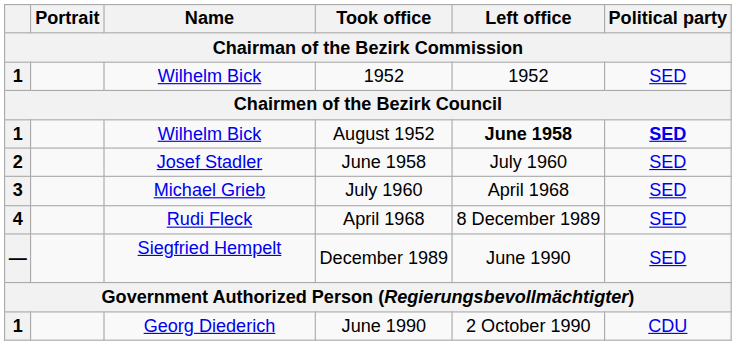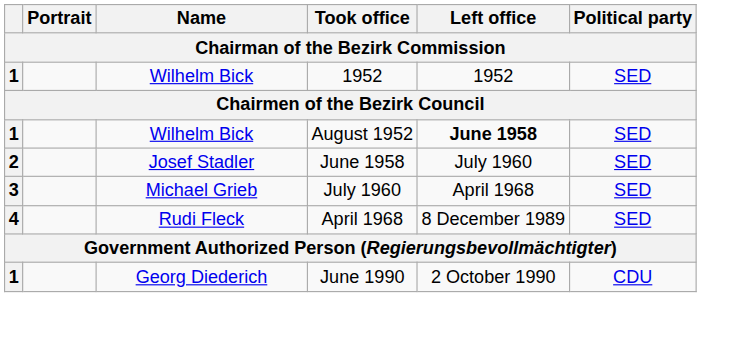 <table class="wikitable" style="text-align:center">
 <tr>
 <th></th>
 <th>Portrait</th>
 <th width=180>Name<br></th>
 <th>Took office</th>
 <th>Left office</th>
 <th>Political party</th>
 </tr>
 <tr>
 <th colspan=6>Chairman of the Bezirk Commission</th>
 </tr>
 <tr>
 <th style="background:">1</th>
 <td></td>
 <td><a href='#'>Wilhelm Bick</a><br></td>
 <td>1952</td>
 <td>1952</td>
 <td><a href='#'>SED</a></td>
 </tr>
 <tr>
 <th colspan=6>Chairmen of the Bezirk Council</th>
 </tr>
 <tr>
 <th style="background:">1</th>
 <td></td>
 <td><a href='#'>Wilhelm Bick</a><br></td>
 <td>August 1952</td>
 <td><strong>June 1958</strong></td>
-<td><strong><a href='#'>SED</a></strong></td>
+<td><a href='#'>SED</a></td>
 </tr>
 <tr>
 <th style="background:">2</th>
 <td></td>
 <td><a href='#'>Josef Stadler</a><br></td>
 <td>June 1958</td>
 <td>July 1960</td>
 <td><a href='#'>SED</a></td>
 </tr>
 <tr>
 <th style="background:">3</th>
 <td></td>
 <td><a href='#'>Michael Grieb</a><br></td>
 <td>July 1960</td>
 <td>April 1968</td>
 <td><a href='#'>SED</a></td>
 </tr>
 <tr>
 <th style="background:">4</th>
 <td></td>
 <td><a href='#'>Rudi Fleck</a><br></td>
 <td>April 1968</td>
 <td>8 December 1989</td>
 <td><a href='#'>SED</a></td>
 </tr>
 <tr>
-<th style="background:">—</th>
-<td></td>
-<td><a href='#'>Siegfried Hempelt</a><br><br></td>
-<td>December 1989</td>
-<td>June 1990</td>
-<td><a href='#'>SED</a></td>
-</tr>
-<tr>
 <th colspan=6>Government Authorized Person (<em>Regierungsbevollmächtigter</em>)</th>
 </tr>
 <tr>
 <th style="background:">1</th>
 <td></td>
 <td><a href='#'>Georg Diederich</a><br></td>
 <td>June 1990</td>
 <td>2 October 1990</td>
 <td><a href='#'>CDU</a></td>
 </tr>
 </table>
